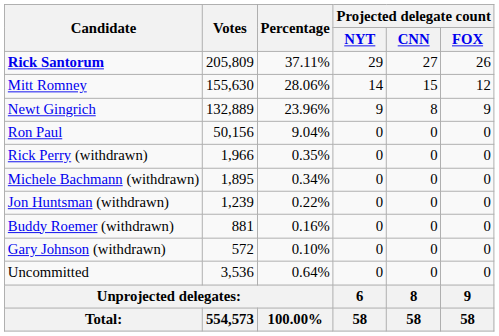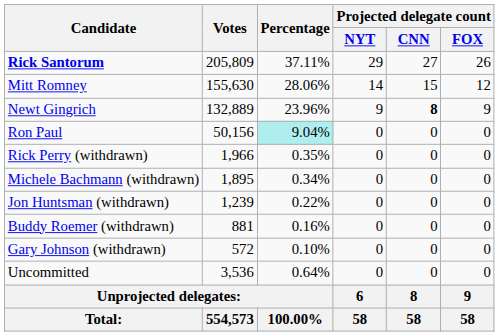 <table class="wikitable" style="text-align:right;">
 <tr>
 <th rowspan="2">Candidate</th>
 <th rowspan="2">Votes</th>
 <th rowspan="2">Percentage</th>
 <th colspan="3">Projected delegate count</th>
 </tr>
 <tr>
 <th><a href='#'>NYT</a><br></th>
 <th><a href='#'>CNN</a><br></th>
 <th><a href='#'>FOX</a><br></th>
 </tr>
 <tr>
 <td style="text-align:left;"> <strong><a href='#'>Rick Santorum</a></strong></td>
 <td>205,809</td>
 <td>37.11%</td>
 <td>29</td>
 <td>27</td>
 <td>26</td>
 </tr>
 <tr>
 <td style="text-align:left;"><a href='#'>Mitt Romney</a></td>
 <td>155,630</td>
 <td>28.06%</td>
 <td>14</td>
 <td>15</td>
 <td>12</td>
 </tr>
 <tr>
 <td style="text-align:left;"><a href='#'>Newt Gingrich</a></td>
 <td>132,889</td>
 <td>23.96%</td>
 <td>9</td>
-<td>8</td>
+<td><strong>8</strong></td>
 <td>9</td>
 </tr>
 <tr>
 <td style="text-align:left;"><a href='#'>Ron Paul</a></td>
 <td>50,156</td>
-<td>9.04%</td>
+<td style="background: paleturquoise;">9.04%</td>
 <td>0</td>
 <td>0</td>
 <td>0</td>
 </tr>
 <tr>
 <td style="text-align:left;"><a href='#'>Rick Perry</a> (withdrawn)</td>
 <td>1,966</td>
 <td>0.35%</td>
 <td>0</td>
 <td>0</td>
 <td>0</td>
 </tr>
 <tr>
 <td style="text-align:left;"><a href='#'>Michele Bachmann</a> (withdrawn)</td>
 <td>1,895</td>
 <td>0.34%</td>
 <td>0</td>
 <td>0</td>
 <td>0</td>
 </tr>
 <tr>
 <td style="text-align:left;"><a href='#'>Jon Huntsman</a> (withdrawn)</td>
 <td>1,239</td>
 <td>0.22%</td>
 <td>0</td>
 <td>0</td>
 <td>0</td>
 </tr>
 <tr>
 <td style="text-align:left;"><a href='#'>Buddy Roemer</a> (withdrawn)</td>
 <td>881</td>
 <td>0.16%</td>
 <td>0</td>
 <td>0</td>
 <td>0</td>
 </tr>
 <tr>
 <td style="text-align:left;"><a href='#'>Gary Johnson</a> (withdrawn)</td>
 <td>572</td>
 <td>0.10%</td>
 <td>0</td>
 <td>0</td>
 <td>0</td>
 </tr>
 <tr>
 <td style="text-align:left;">Uncommitted</td>
 <td>3,536</td>
 <td>0.64%</td>
 <td>0</td>
 <td>0</td>
 <td>0</td>
 </tr>
 <tr style="background:#eee;">
 <th colspan="3">Unprojected delegates:</th>
 <th>6</th>
 <th>8</th>
 <th>9</th>
 </tr>
 <tr style="background:#eee;">
 <th>Total:</th>
 <th>554,573</th>
 <th>100.00%</th>
 <th>58</th>
 <th>58</th>
 <th>58</th>
 </tr>
 </table>
